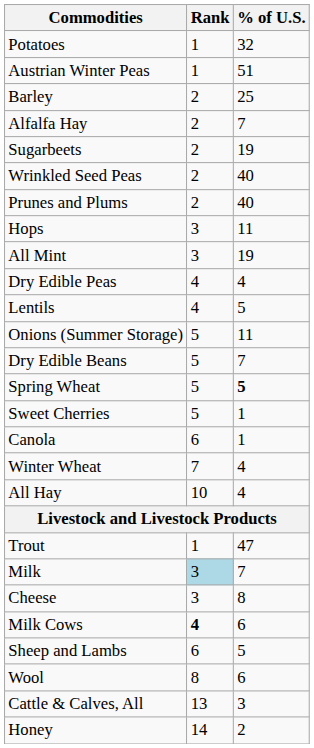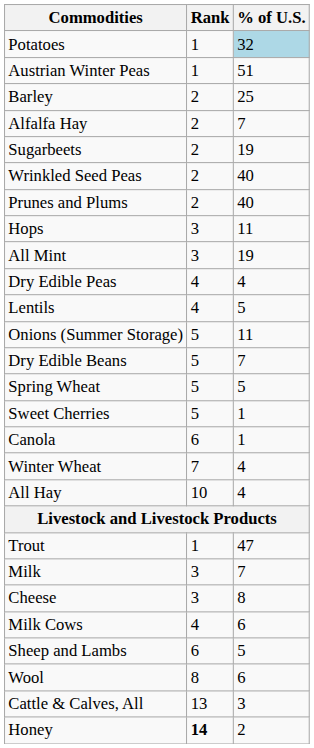 <table class="wikitable">
 <tr>
 <th>Commodities</th>
 <th>Rank</th>
 <th>% of U.S.</th>
 </tr>
 <tr>
 <td>Potatoes</td>
 <td>1</td>
-<td>32</td>
+<td style="background: lightblue;">32</td>
 </tr>
 <tr>
 <td>Austrian Winter Peas</td>
 <td>1</td>
 <td>51</td>
 </tr>
 <tr>
 <td>Barley</td>
 <td>2</td>
 <td>25</td>
 </tr>
 <tr>
 <td>Alfalfa Hay</td>
 <td>2</td>
 <td>7</td>
 </tr>
 <tr>
 <td>Sugarbeets</td>
 <td>2</td>
 <td>19</td>
 </tr>
 <tr>
 <td>Wrinkled Seed Peas</td>
 <td>2</td>
 <td>40</td>
 </tr>
 <tr>
 <td>Prunes and Plums</td>
 <td>2</td>
 <td>40</td>
 </tr>
 <tr>
 <td>Hops</td>
 <td>3</td>
 <td>11</td>
 </tr>
 <tr>
 <td>All Mint</td>
 <td>3</td>
 <td>19</td>
 </tr>
 <tr>
 <td>Dry Edible Peas</td>
 <td>4</td>
 <td>4</td>
 </tr>
 <tr>
 <td>Lentils</td>
 <td>4</td>
 <td>5</td>
 </tr>
 <tr>
 <td>Onions (Summer Storage)</td>
 <td>5</td>
 <td>11</td>
 </tr>
 <tr>
 <td>Dry Edible Beans</td>
 <td>5</td>
 <td>7</td>
 </tr>
 <tr>
 <td>Spring Wheat</td>
 <td>5</td>
-<td><strong>5</strong></td>
+<td>5</td>
 </tr>
 <tr>
 <td>Sweet Cherries</td>
 <td>5</td>
 <td>1</td>
 </tr>
 <tr>
 <td>Canola</td>
 <td>6</td>
 <td>1</td>
 </tr>
 <tr>
 <td>Winter Wheat</td>
 <td>7</td>
 <td>4</td>
 </tr>
 <tr>
 <td>All Hay</td>
 <td>10</td>
 <td>4</td>
 </tr>
 <tr>
 <th colspan="3">Livestock and Livestock Products</th>
 </tr>
 <tr>
 <td>Trout</td>
 <td>1</td>
 <td>47</td>
 </tr>
 <tr>
 <td>Milk</td>
-<td style="background: lightblue;">3</td>
+<td>3</td>
 <td>7</td>
 </tr>
 <tr>
 <td>Cheese</td>
 <td>3</td>
 <td>8</td>
 </tr>
 <tr>
 <td>Milk Cows</td>
-<td><strong>4</strong></td>
+<td>4</td>
 <td>6</td>
 </tr>
 <tr>
 <td>Sheep and Lambs</td>
 <td>6</td>
 <td>5</td>
 </tr>
 <tr>
 <td>Wool</td>
 <td>8</td>
 <td>6</td>
 </tr>
 <tr>
 <td>Cattle & Calves, All</td>
 <td>13</td>
 <td>3</td>
 </tr>
 <tr>
 <td>Honey</td>
-<td>14</td>
+<td><strong>14</strong></td>
 <td>2</td>
 </tr>
 </table>
